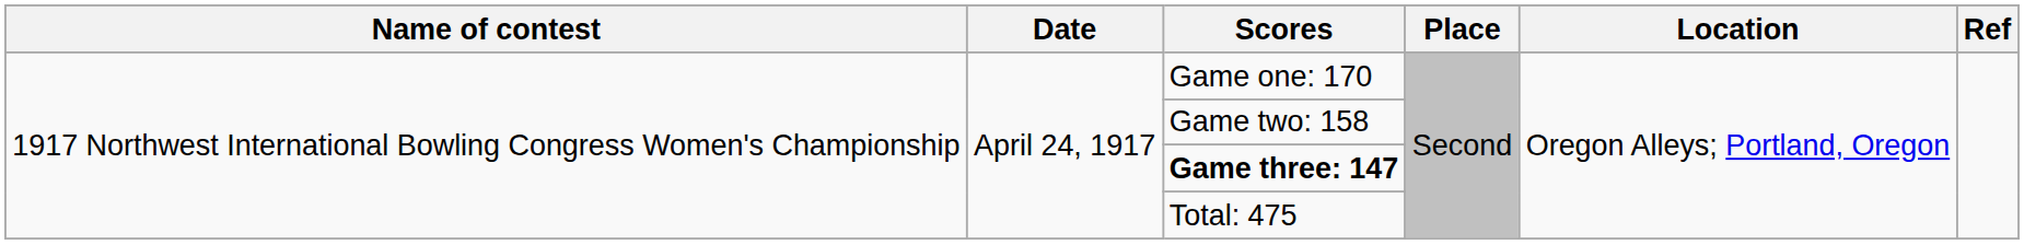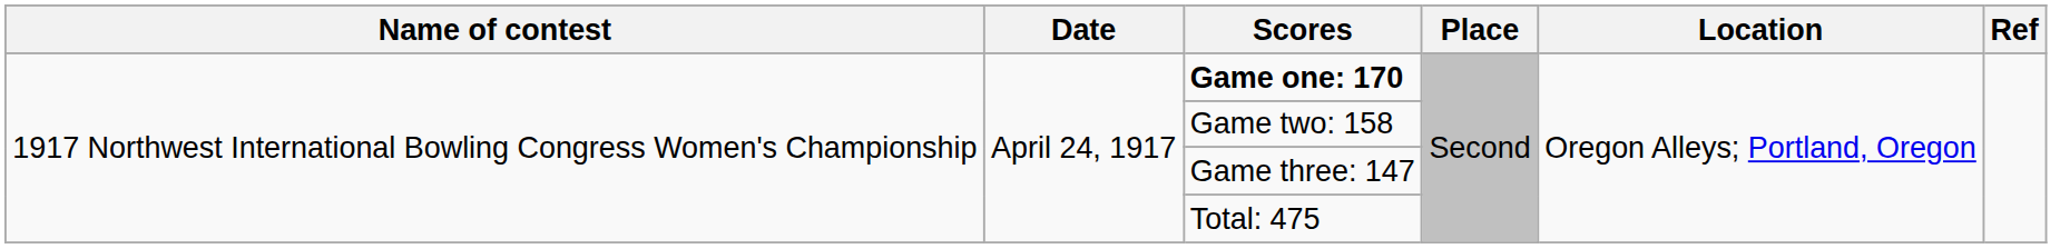 <table class="wikitable" style="font-size:90%">
 <tr>
 <th>Name of contest</th>
 <th>Date</th>
 <th>Scores</th>
 <th>Place</th>
 <th>Location</th>
 <th>Ref</th>
 </tr>
 <tr>
 <td rowspan=4>1917 Northwest International Bowling Congress Women's Championship</td>
 <td rowspan=4>April 24, 1917</td>
-<td>Game one: 170</td>
+<td><strong>Game one: 170</strong></td>
 <td rowspan=4 style="background: silver">Second</td>
 <td rowspan=4>Oregon Alleys; <a href='#'>Portland, Oregon</a></td>
 <td rowspan=4></td>
 </tr>
 <tr>
 <td>Game two: 158</td>
 </tr>
 <tr>
-<td><strong>Game three: 147</strong></td>
+<td>Game three: 147</td>
 </tr>
 <tr>
 <td>Total: 475</td>
 </tr>
 </table>
